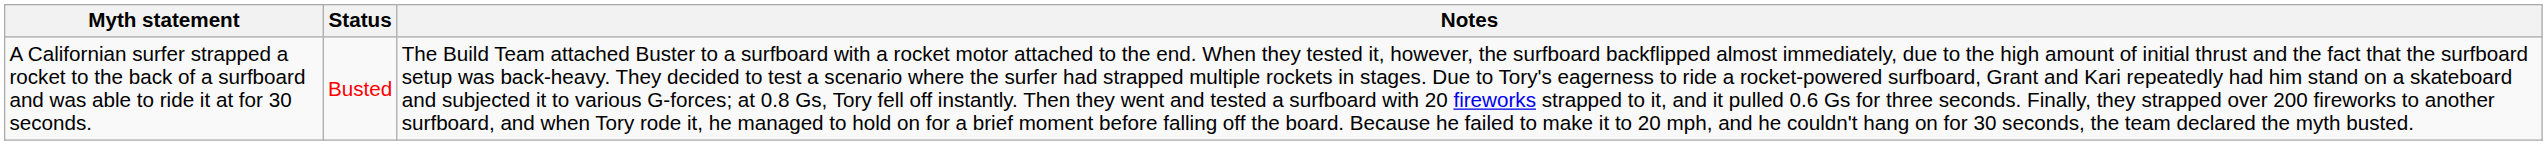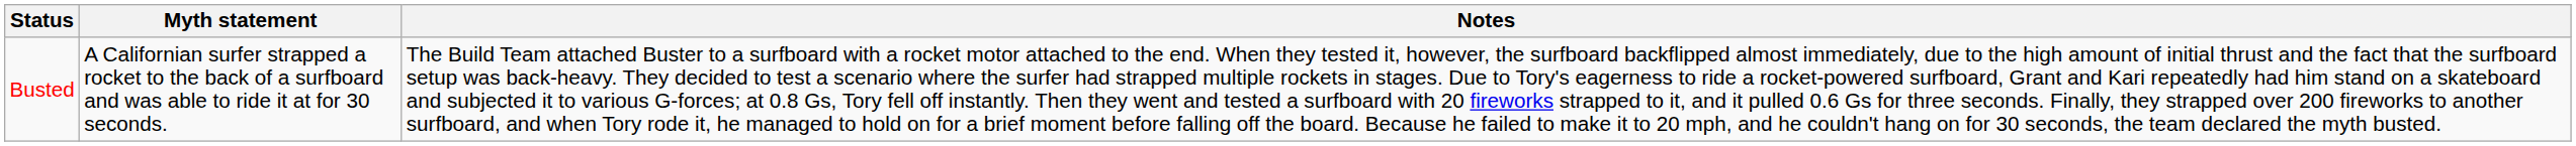 <table class="wikitable plainrowheaders">
 <tr>
+<th>Status</th>
 <th>Myth statement</th>
-<th>Status</th>
 <th>Notes</th>
 </tr>
 <tr>
+<td style="color:red">Busted</td>
 <td>A Californian surfer strapped a rocket to the back of a surfboard and was able to ride it at  for 30 seconds.</td>
-<td style="color:red">Busted</td>
 <td>The Build Team attached Buster to a surfboard with a rocket motor attached to the end. When they tested it, however, the surfboard backflipped almost immediately, due to the high amount of initial thrust and the fact that the surfboard setup was back-heavy. They decided to test a scenario where the surfer had strapped multiple rockets in stages. Due to Tory's eagerness to ride a rocket-powered surfboard, Grant and Kari repeatedly had him stand on a skateboard and subjected it to various G-forces; at 0.8 Gs, Tory fell off instantly. Then they went and tested a surfboard with 20 <a href='#'>fireworks</a> strapped to it, and it pulled 0.6 Gs for three seconds. Finally, they strapped over 200 fireworks to another surfboard, and when Tory rode it, he managed to hold on for a brief moment before falling off the board. Because he failed to make it to 20 mph, and he couldn't hang on for 30 seconds, the team declared the myth busted.</td>
 </tr>
 </table>
